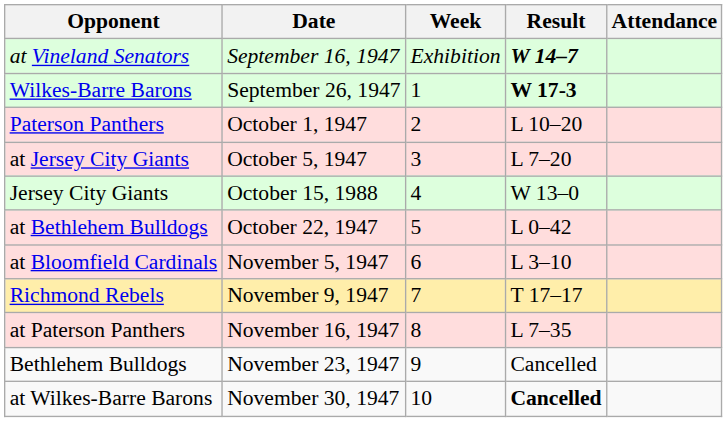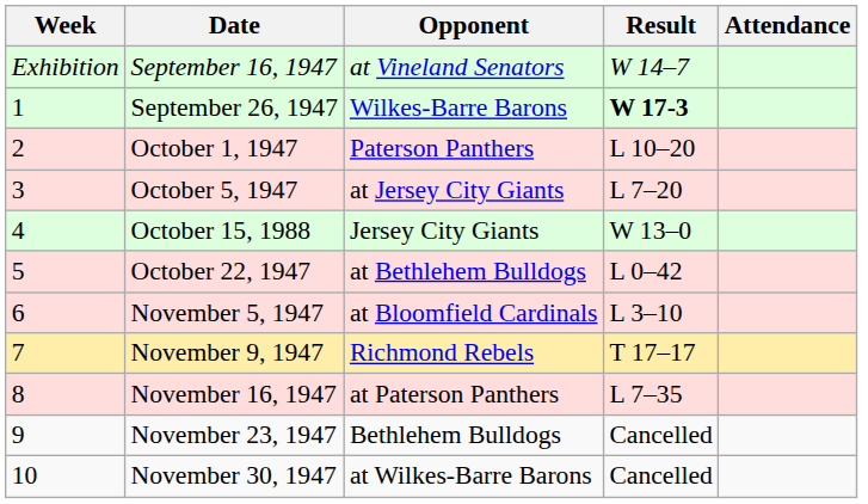 <table class="wikitable">
 <tr>
+<th>Week</th>
+<th>Date</th>
 <th>Opponent</th>
-<th>Date</th>
-<th>Week</th>
 <th>Result</th>
 <th>Attendance</th>
 </tr>
 <tr style="background: #ddffdd;">
+<td><em>Exhibition</em></td>
+<td><em>September 16, 1947</em></td>
 <td><em>at <a href='#'>Vineland Senators</a></em></td>
-<td><em>September 16, 1947</em></td>
-<td><em>Exhibition</em></td>
-<td><strong><em>W 14–7</em></strong></td>
+<td><em>W 14–7</em></td>
 <td></td>
 </tr>
 <tr style="background: #ddffdd;">
+<td>1</td>
+<td>September 26, 1947</td>
 <td><a href='#'>Wilkes-Barre Barons</a></td>
-<td>September 26, 1947</td>
-<td>1</td>
 <td><strong>W 17-3</strong></td>
 <td></td>
 </tr>
 <tr style="background: #ffdddd;">
+<td>2</td>
+<td>October 1, 1947</td>
 <td><a href='#'>Paterson Panthers</a></td>
-<td>October 1, 1947</td>
-<td>2</td>
 <td>L 10–20</td>
 <td></td>
 </tr>
 <tr style="background: #ffdddd;">
+<td>3</td>
+<td>October 5, 1947</td>
 <td>at <a href='#'>Jersey City Giants</a></td>
-<td>October 5, 1947</td>
-<td>3</td>
 <td>L 7–20</td>
 <td></td>
 </tr>
 <tr style="background: #ddffdd;">
+<td>4</td>
+<td>October 15, 1988</td>
 <td>Jersey City Giants</td>
-<td>October 15, 1988</td>
-<td>4</td>
 <td>W 13–0</td>
 <td></td>
 </tr>
 <tr style="background: #ffdddd;">
+<td>5</td>
+<td>October 22, 1947</td>
 <td>at <a href='#'>Bethlehem Bulldogs</a></td>
-<td>October 22, 1947</td>
-<td>5</td>
 <td>L 0–42</td>
 <td></td>
 </tr>
 <tr style="background: #ffdddd;">
+<td>6</td>
+<td>November 5, 1947</td>
 <td>at <a href='#'>Bloomfield Cardinals</a></td>
-<td>November 5, 1947</td>
-<td>6</td>
 <td>L 3–10</td>
 <td></td>
 </tr>
 <tr style="background:#fea;">
+<td>7</td>
+<td>November 9, 1947</td>
 <td><a href='#'>Richmond Rebels</a></td>
-<td>November 9, 1947</td>
-<td>7</td>
 <td>T 17–17</td>
 <td></td>
 </tr>
 <tr style="background: #ffdddd;">
+<td>8</td>
+<td>November 16, 1947</td>
 <td>at Paterson Panthers</td>
-<td>November 16, 1947</td>
-<td>8</td>
 <td>L 7–35</td>
 <td></td>
 </tr>
 <tr style="background:">
+<td>9</td>
+<td>November 23, 1947</td>
 <td>Bethlehem Bulldogs</td>
-<td>November 23, 1947</td>
-<td>9</td>
 <td>Cancelled</td>
 <td></td>
 </tr>
 <tr style="background:">
+<td>10</td>
+<td>November 30, 1947</td>
 <td>at Wilkes-Barre Barons</td>
-<td>November 30, 1947</td>
-<td>10</td>
-<td><strong>Cancelled</strong></td>
+<td>Cancelled</td>
 <td></td>
 </tr>
 </table>
